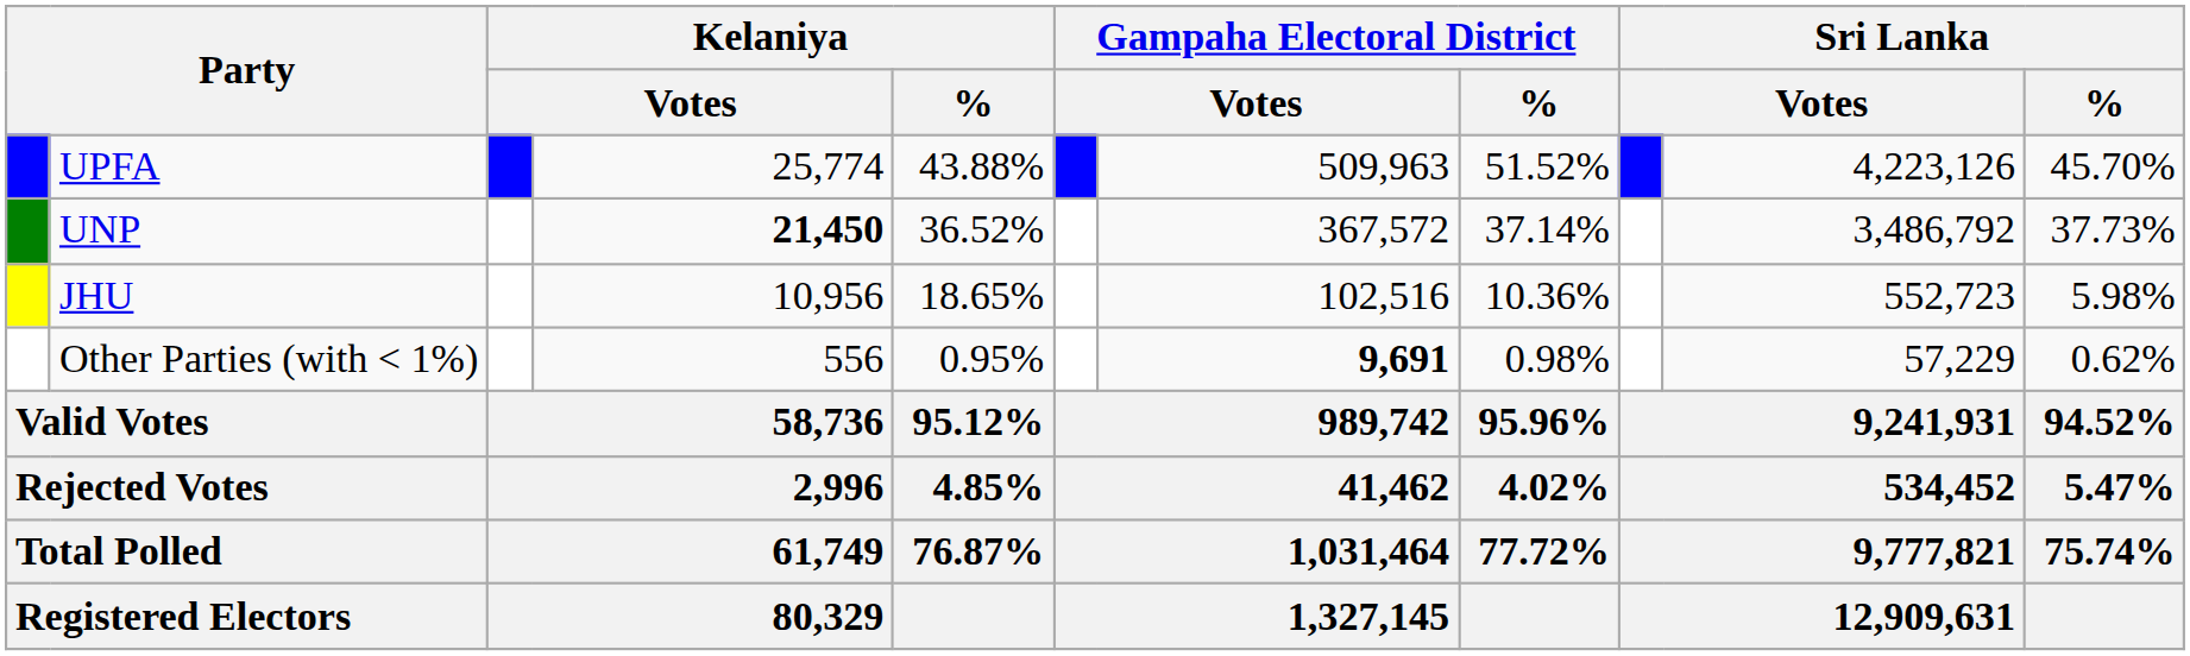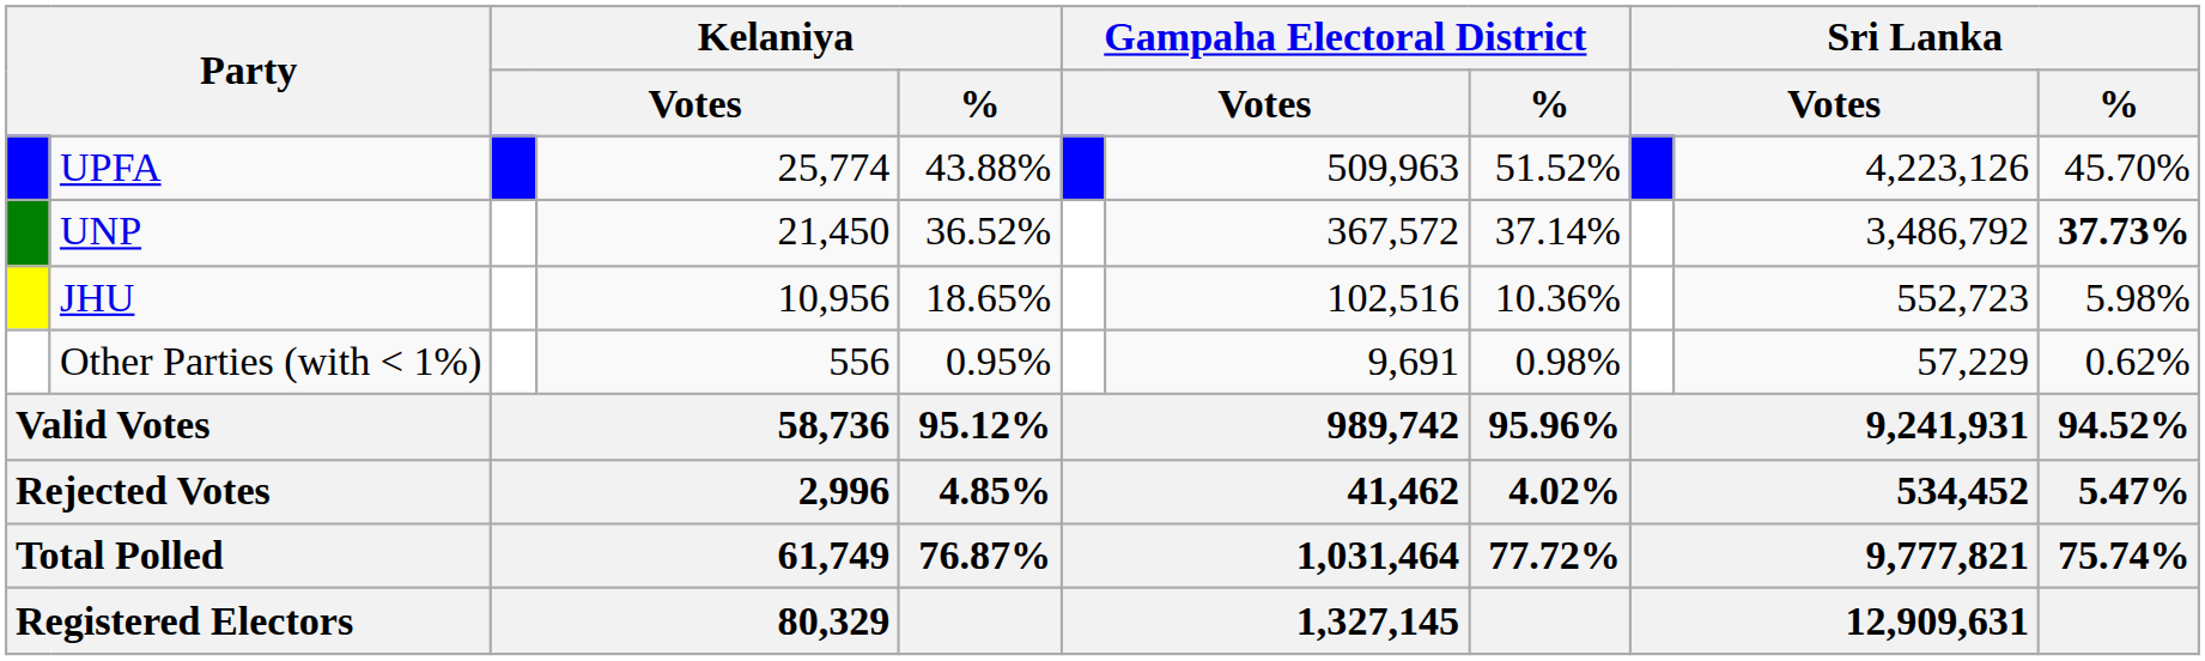 <table class="wikitable">
 <tr>
 <th colspan="2" width="144px"rowspan="2">Party</th>
 <th colspan="3" width="216px">Kelaniya</th>
 <th colspan="3" width="216px"><a href='#'>Gampaha Electoral District</a></th>
 <th colspan="3" width="216px">Sri Lanka</th>
 </tr>
 <tr>
 <th colspan="2" width="144px">Votes</th>
 <th>%</th>
 <th colspan="2" width="144px">Votes</th>
 <th>%</th>
 <th colspan="2" width="144px">Votes</th>
 <th>%</th>
 </tr>
 <tr>
 <td style="background-color:blue;" width="10px"></td>
 <td style="text-align:left;"><a href='#'>UPFA</a></td>
 <td style="background-color:blue;" width="10px"></td>
 <td style="text-align:right;">25,774</td>
 <td style="text-align:right;">43.88%</td>
 <td style="background-color:blue;" width="10px"></td>
 <td style="text-align:right;">509,963</td>
 <td style="text-align:right;">51.52%</td>
 <td style="background-color:blue;" width="10px"></td>
 <td style="text-align:right;">4,223,126</td>
 <td style="text-align:right;">45.70%</td>
 </tr>
 <tr>
 <td style="background-color:green;" width="10px"></td>
 <td style="text-align:left;"><a href='#'>UNP</a></td>
 <td style="background-color:white;" width="10px"></td>
-<td style="text-align:right;"><strong>21,450</strong></td>
+<td style="text-align:right;">21,450</td>
 <td style="text-align:right;">36.52%</td>
 <td style="background-color:white;" width="10px"></td>
 <td style="text-align:right;">367,572</td>
 <td style="text-align:right;">37.14%</td>
 <td style="background-color:white;" width="10px"></td>
 <td style="text-align:right;">3,486,792</td>
-<td style="text-align:right;">37.73%</td>
+<td style="text-align:right;"><strong>37.73%</strong></td>
 </tr>
 <tr>
 <td style="background-color:yellow;" width="10px"></td>
 <td style="text-align:left;"><a href='#'>JHU</a></td>
 <td style="background-color:white;" width="10px"></td>
 <td style="text-align:right;">10,956</td>
 <td style="text-align:right;">18.65%</td>
 <td style="background-color:white;" width="10px"></td>
 <td style="text-align:right;">102,516</td>
 <td style="text-align:right;">10.36%</td>
 <td style="background-color:white;" width="10px"></td>
 <td style="text-align:right;">552,723</td>
 <td style="text-align:right;">5.98%</td>
 </tr>
 <tr>
 <td style="background-color:white;" width="10px"></td>
 <td style="text-align:left;">Other Parties (with < 1%)</td>
 <td style="background-color:white;" width="10px"></td>
 <td style="text-align:right;">556</td>
 <td style="text-align:right;">0.95%</td>
 <td style="background-color:white;" width="10px"></td>
-<td style="text-align:right;"><strong>9,691</strong></td>
+<td style="text-align:right;">9,691</td>
 <td style="text-align:right;">0.98%</td>
 <td style="background-color:white;" width="10px"></td>
 <td style="text-align:right;">57,229</td>
 <td style="text-align:right;">0.62%</td>
 </tr>
 <tr>
 <th colspan="2" width="144px"style="text-align:left;">Valid Votes</th>
 <th style="text-align:right;"colspan="2" width="144px">58,736</th>
 <th style="text-align:right;">95.12%</th>
 <th style="text-align:right;"colspan="2" width="144px">989,742</th>
 <th style="text-align:right;">95.96%</th>
 <th style="text-align:right;"colspan="2" width="144px">9,241,931</th>
 <th style="text-align:right;">94.52%</th>
 </tr>
 <tr>
 <th colspan="2" width="144px"style="text-align:left;">Rejected Votes</th>
 <th style="text-align:right;"colspan="2" width="144px">2,996</th>
 <th style="text-align:right;">4.85%</th>
 <th style="text-align:right;"colspan="2" width="144px">41,462</th>
 <th style="text-align:right;">4.02%</th>
 <th style="text-align:right;"colspan="2" width="144px">534,452</th>
 <th style="text-align:right;">5.47%</th>
 </tr>
 <tr>
 <th colspan="2" width="144px"style="text-align:left;">Total Polled</th>
 <th style="text-align:right;"colspan="2" width="144px">61,749</th>
 <th style="text-align:right;">76.87%</th>
 <th style="text-align:right;"colspan="2" width="144px">1,031,464</th>
 <th style="text-align:right;">77.72%</th>
 <th style="text-align:right;"colspan="2" width="144px">9,777,821</th>
 <th style="text-align:right;">75.74%</th>
 </tr>
 <tr>
 <th colspan="2" width="144px"style="text-align:left;">Registered Electors</th>
 <th style="text-align:right;"colspan="2" width="144px">80,329</th>
 <th></th>
 <th style="text-align:right;"colspan="2" width="144px">1,327,145</th>
 <th></th>
 <th style="text-align:right;"colspan="2" width="144px">12,909,631</th>
 <th></th>
 </tr>
 </table>
